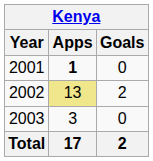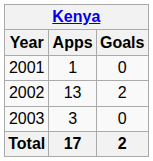 <table class="wikitable" style="text-align:center">
 <tr>
 <th colspan=3><a href='#'>Kenya</a></th>
 </tr>
 <tr>
 <th>Year</th>
 <th>Apps</th>
 <th>Goals</th>
 </tr>
 <tr>
 <td>2001</td>
-<td><strong>1</strong></td>
+<td>1</td>
 <td>0</td>
 </tr>
 <tr>
 <td>2002</td>
-<td style="background: khaki;">13</td>
+<td>13</td>
 <td>2</td>
 </tr>
 <tr>
 <td>2003</td>
 <td>3</td>
 <td>0</td>
 </tr>
 <tr>
 <th>Total</th>
 <th>17</th>
 <th>2</th>
 </tr>
 </table>
